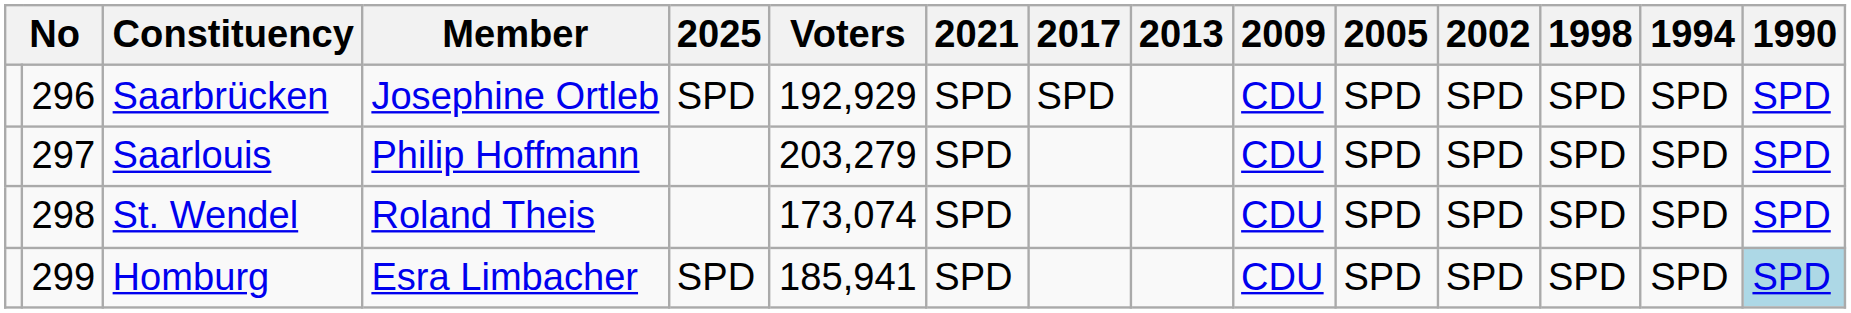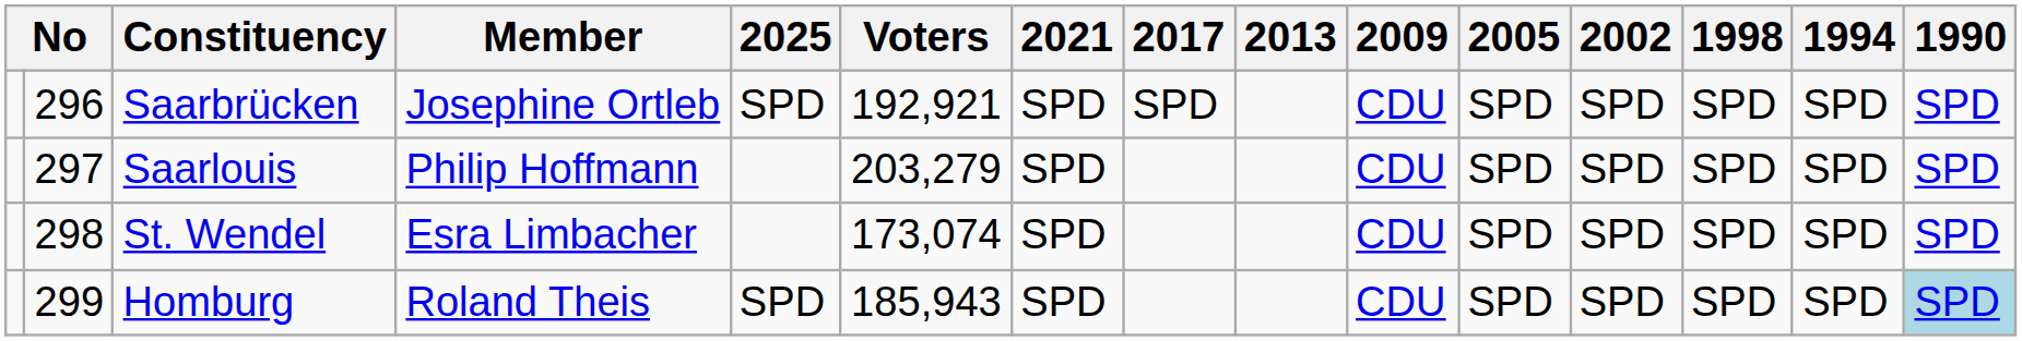 <table class="wikitable sortable">
 <tr>
 <th colspan=2>No</th>
 <th>Constituency</th>
 <th>Member</th>
 <th>2025</th>
 <th>Voters</th>
 <th>2021</th>
 <th>2017</th>
 <th>2013</th>
 <th>2009</th>
 <th>2005</th>
 <th>2002</th>
 <th>1998</th>
 <th>1994</th>
 <th>1990</th>
 </tr>
 <tr>
 <td style="background-color: "></td>
 <td>296</td>
 <td><a href='#'>Saarbrücken</a></td>
 <td><a href='#'>Josephine Ortleb</a></td>
 <td bgcolor=>SPD</td>
-<td>192,929</td>
+<td>192,921</td>
 <td bgcolor=>SPD</td>
 <td bgcolor=>SPD</td>
 <td></td>
 <td><a href='#'>CDU</a></td>
 <td bgcolor=>SPD</td>
 <td bgcolor=>SPD</td>
 <td bgcolor=>SPD</td>
 <td bgcolor=>SPD</td>
 <td><a href='#'>SPD</a></td>
 </tr>
 <tr>
 <td style="background-color: "></td>
 <td>297</td>
 <td><a href='#'>Saarlouis</a></td>
 <td><a href='#'>Philip Hoffmann</a></td>
 <td></td>
 <td>203,279</td>
 <td bgcolor=>SPD</td>
 <td></td>
 <td></td>
 <td><a href='#'>CDU</a></td>
 <td bgcolor=>SPD</td>
 <td bgcolor=>SPD</td>
 <td bgcolor=>SPD</td>
 <td bgcolor=>SPD</td>
 <td><a href='#'>SPD</a></td>
 </tr>
 <tr>
 <td style="background-color: "></td>
 <td>298</td>
 <td><a href='#'>St. Wendel</a></td>
-<td><a href='#'>Roland Theis</a></td>
+<td><a href='#'>Esra Limbacher</a></td>
 <td></td>
 <td>173,074</td>
 <td bgcolor=>SPD</td>
 <td></td>
 <td></td>
 <td><a href='#'>CDU</a></td>
 <td bgcolor=>SPD</td>
 <td bgcolor=>SPD</td>
 <td bgcolor=>SPD</td>
 <td bgcolor=>SPD</td>
 <td><a href='#'>SPD</a></td>
 </tr>
 <tr>
 <td style="background-color: "></td>
 <td>299</td>
 <td><a href='#'>Homburg</a></td>
-<td><a href='#'>Esra Limbacher</a></td>
+<td><a href='#'>Roland Theis</a></td>
 <td bgcolor=>SPD</td>
-<td>185,941</td>
+<td>185,943</td>
 <td bgcolor=>SPD</td>
 <td></td>
 <td></td>
 <td><a href='#'>CDU</a></td>
 <td bgcolor=>SPD</td>
 <td bgcolor=>SPD</td>
 <td bgcolor=>SPD</td>
 <td bgcolor=>SPD</td>
 <td style="background: lightblue;"><a href='#'>SPD</a></td>
 </tr>
 </table>
